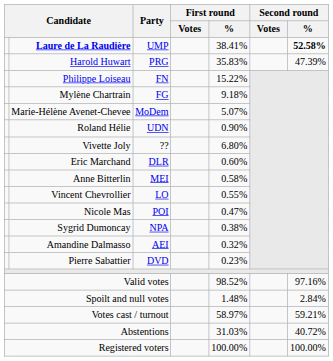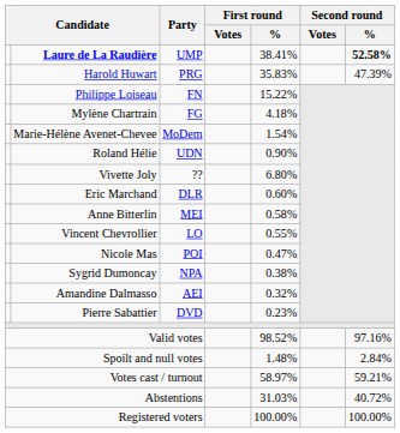 <table class="wikitable" style="text-align:right;font-size:95%;">
 <tr>
 <th rowspan=2 colspan=2>Candidate</th>
 <th rowspan=2 colspan=1>Party</th>
 <th colspan=2>First round</th>
 <th colspan=2>Second round</th>
 </tr>
 <tr>
 <th style="width:50px;">Votes</th>
 <th style="width:55px;">%</th>
 <th style="width:50px;">Votes</th>
 <th style="width:55px;">%</th>
 </tr>
 <tr>
 <td style="color:inherit;background-color:"></td>
 <td><strong><a href='#'>Laure de La Raudière</a></strong></td>
 <td><a href='#'>UMP</a></td>
 <td></td>
 <td>38.41%</td>
 <td><strong></strong></td>
 <td><strong>52.58%</strong></td>
 </tr>
 <tr>
 <td style="color:inherit;background-color:"></td>
 <td><a href='#'>Harold Huwart</a></td>
 <td><a href='#'>PRG</a></td>
 <td></td>
 <td>35.83%</td>
 <td></td>
 <td>47.39%</td>
 </tr>
 <tr>
 <td style="color:inherit;background-color:"></td>
 <td><a href='#'>Philippe Loiseau</a></td>
 <td><a href='#'>FN</a></td>
 <td></td>
 <td>15.22%</td>
 <td colspan=7 rowspan=12 style="background-color:#E9E9E9;"></td>
 </tr>
 <tr>
 <td style="color:inherit;background-color:"></td>
 <td>Mylène Chartrain</td>
 <td><a href='#'>FG</a></td>
 <td></td>
-<td>9.18%</td>
+<td>4.18%</td>
 </tr>
 <tr>
 <td style="color:inherit;background-color:"></td>
 <td>Marie-Hélène Avenet-Chevee</td>
 <td><a href='#'>MoDem</a></td>
 <td></td>
-<td>5.07%</td>
+<td>1.54%</td>
 </tr>
 <tr>
 <td style="color:inherit;background-color:"></td>
 <td>Roland Hélie</td>
 <td><a href='#'>UDN</a></td>
 <td></td>
 <td>0.90%</td>
 </tr>
 <tr>
 <td style="background-color:;"></td>
 <td>Vivette Joly</td>
 <td>??</td>
 <td></td>
 <td>6.80%</td>
 </tr>
 <tr>
 <td style="color:inherit;background-color:"></td>
 <td>Eric Marchand</td>
 <td><a href='#'>DLR</a></td>
 <td></td>
 <td>0.60%</td>
 </tr>
 <tr>
 <td style="color:inherit;background-color:"></td>
 <td>Anne Bitterlin</td>
 <td><a href='#'>MEI</a></td>
 <td></td>
 <td>0.58%</td>
 </tr>
 <tr>
 <td style="color:inherit;background-color:"></td>
 <td>Vincent Chevrollier</td>
 <td><a href='#'>LO</a></td>
 <td></td>
 <td>0.55%</td>
 </tr>
 <tr>
 <td style="color:inherit;background-color:"></td>
 <td>Nicole Mas</td>
 <td><a href='#'>POI</a></td>
 <td></td>
 <td>0.47%</td>
 </tr>
 <tr>
 <td style="color:inherit;background-color:"></td>
 <td>Sygrid Dumoncay</td>
 <td><a href='#'>NPA</a></td>
 <td></td>
 <td>0.38%</td>
 </tr>
 <tr>
 <td style="color:inherit;background-color:"></td>
 <td>Amandine Dalmasso</td>
 <td><a href='#'>AEI</a></td>
 <td></td>
 <td>0.32%</td>
 </tr>
 <tr>
 <td style="background-color:;"></td>
 <td>Pierre Sabattier</td>
 <td><a href='#'>DVD</a> </td>
 <td></td>
 <td>0.23%</td>
 </tr>
 <tr>
 <td colspan=7 style="background-color:#E9E9E9;"></td>
 </tr>
 <tr>
 <td colspan=3>Valid votes</td>
 <td></td>
 <td>98.52%</td>
 <td></td>
 <td>97.16%</td>
 </tr>
 <tr>
 <td colspan=3>Spoilt and null votes</td>
 <td></td>
 <td>1.48%</td>
 <td></td>
 <td>2.84%</td>
 </tr>
 <tr>
 <td colspan=3>Votes cast / turnout</td>
 <td></td>
 <td>58.97%</td>
 <td></td>
 <td>59.21%</td>
 </tr>
 <tr>
 <td colspan=3>Abstentions</td>
 <td></td>
 <td>31.03%</td>
 <td></td>
 <td>40.72%</td>
 </tr>
 <tr>
 <td colspan=3>Registered voters</td>
 <td></td>
 <td>100.00%</td>
 <td></td>
 <td>100.00%</td>
 </tr>
 </table>
